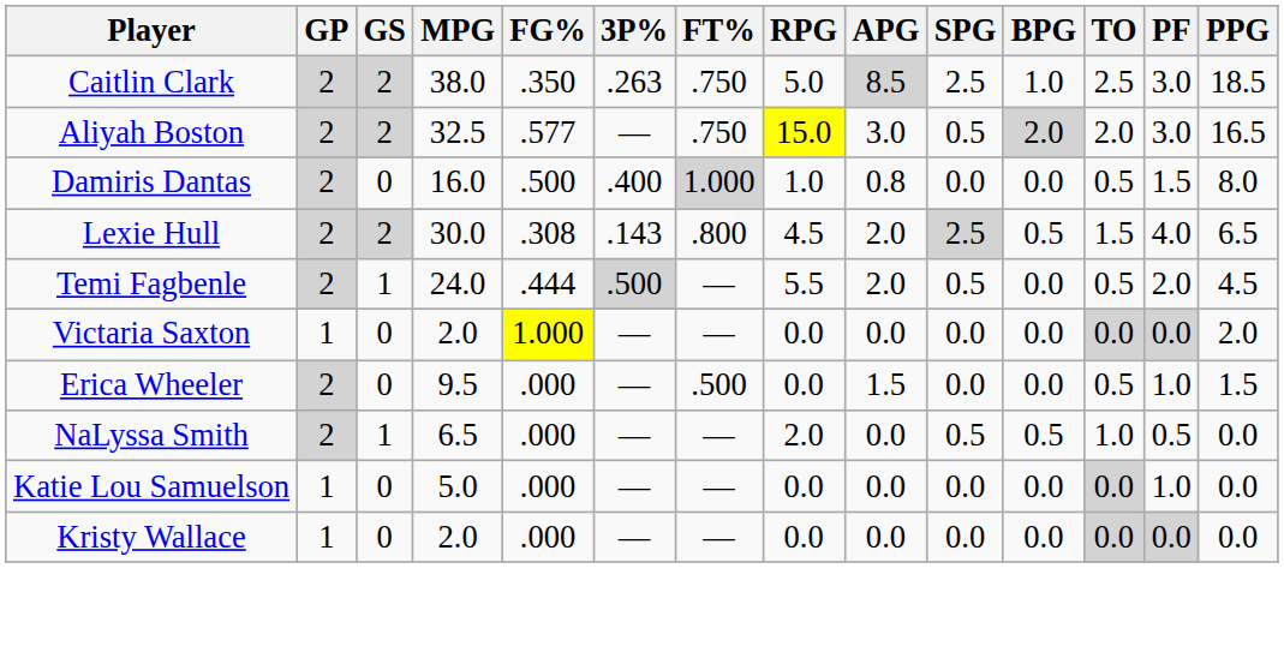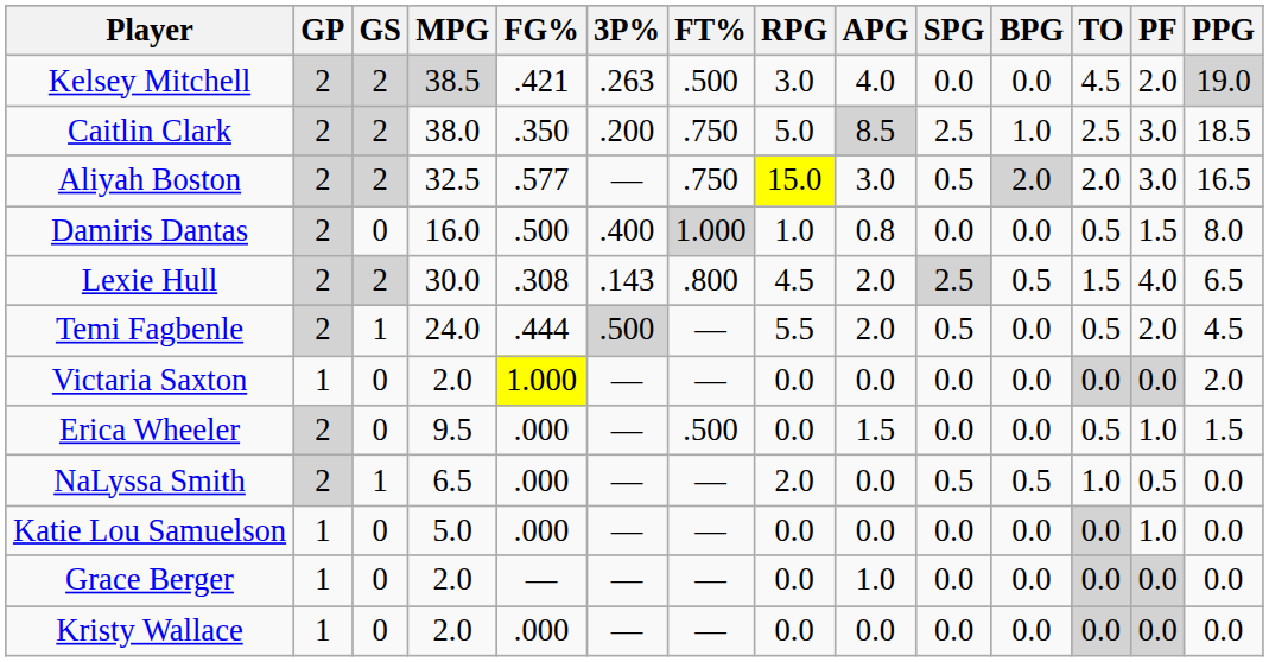 <table class="wikitable sortable" style="text-align:center;">
 <tr>
 <th>Player</th>
 <th>GP</th>
 <th>GS</th>
 <th>MPG</th>
 <th>FG%</th>
 <th>3P%</th>
 <th>FT%</th>
 <th>RPG</th>
 <th>APG</th>
 <th>SPG</th>
 <th>BPG</th>
 <th>TO</th>
 <th>PF</th>
 <th>PPG</th>
 </tr>
 <tr>
+<td><a href='#'>Kelsey Mitchell</a></td>
+<td style="background:#D3D3D3;">2</td>
+<td style="background:#D3D3D3;">2</td>
+<td style="background:#D3D3D3;">38.5</td>
+<td>.421</td>
+<td>.263</td>
+<td>.500</td>
+<td>3.0</td>
+<td>4.0</td>
+<td>0.0</td>
+<td>0.0</td>
+<td>4.5</td>
+<td>2.0</td>
+<td style="background:#D3D3D3;">19.0</td>
+</tr>
+<tr>
 <td><a href='#'>Caitlin Clark</a></td>
 <td style="background:#D3D3D3;">2</td>
 <td style="background:#D3D3D3;">2</td>
 <td>38.0</td>
 <td>.350</td>
-<td>.263</td>
+<td>.200</td>
 <td>.750</td>
 <td>5.0</td>
 <td style="background:#D3D3D3;">8.5</td>
 <td>2.5</td>
 <td>1.0</td>
 <td>2.5</td>
 <td>3.0</td>
 <td>18.5</td>
 </tr>
 <tr>
 <td><a href='#'>Aliyah Boston</a></td>
 <td style="background:#D3D3D3;">2</td>
 <td style="background:#D3D3D3;">2</td>
 <td>32.5</td>
 <td>.577</td>
 <td>—</td>
 <td>.750</td>
 <td style="background:yellow;">15.0</td>
 <td>3.0</td>
 <td>0.5</td>
 <td style="background:#D3D3D3;">2.0</td>
 <td>2.0</td>
 <td>3.0</td>
 <td>16.5</td>
 </tr>
 <tr>
 <td><a href='#'>Damiris Dantas</a></td>
 <td style="background:#D3D3D3;">2</td>
 <td>0</td>
 <td>16.0</td>
 <td>.500</td>
 <td>.400</td>
 <td style="background:#D3D3D3;">1.000</td>
 <td>1.0</td>
 <td>0.8</td>
 <td>0.0</td>
 <td>0.0</td>
 <td>0.5</td>
 <td>1.5</td>
 <td>8.0</td>
 </tr>
 <tr>
 <td><a href='#'>Lexie Hull</a></td>
 <td style="background:#D3D3D3;">2</td>
 <td style="background:#D3D3D3;">2</td>
 <td>30.0</td>
 <td>.308</td>
 <td>.143</td>
 <td>.800</td>
 <td>4.5</td>
 <td>2.0</td>
 <td style="background:#D3D3D3;">2.5</td>
 <td>0.5</td>
 <td>1.5</td>
 <td>4.0</td>
 <td>6.5</td>
 </tr>
 <tr>
 <td><a href='#'>Temi Fagbenle</a></td>
 <td style="background:#D3D3D3;">2</td>
 <td>1</td>
 <td>24.0</td>
 <td>.444</td>
 <td style="background:#D3D3D3;">.500</td>
 <td>—</td>
 <td>5.5</td>
 <td>2.0</td>
 <td>0.5</td>
 <td>0.0</td>
 <td>0.5</td>
 <td>2.0</td>
 <td>4.5</td>
 </tr>
 <tr>
 <td><a href='#'>Victaria Saxton</a></td>
 <td>1</td>
 <td>0</td>
 <td>2.0</td>
 <td style="background:yellow;">1.000</td>
 <td>—</td>
 <td>—</td>
 <td>0.0</td>
 <td>0.0</td>
 <td>0.0</td>
 <td>0.0</td>
 <td style="background:#D3D3D3;">0.0</td>
 <td style="background:#D3D3D3;">0.0</td>
 <td>2.0</td>
 </tr>
 <tr>
 <td><a href='#'>Erica Wheeler</a></td>
 <td style="background:#D3D3D3;">2</td>
 <td>0</td>
 <td>9.5</td>
 <td>.000</td>
 <td>—</td>
 <td>.500</td>
 <td>0.0</td>
 <td>1.5</td>
 <td>0.0</td>
 <td>0.0</td>
 <td>0.5</td>
 <td>1.0</td>
 <td>1.5</td>
 </tr>
 <tr>
 <td><a href='#'>NaLyssa Smith</a></td>
 <td style="background:#D3D3D3;">2</td>
 <td>1</td>
 <td>6.5</td>
 <td>.000</td>
 <td>—</td>
 <td>—</td>
 <td>2.0</td>
 <td>0.0</td>
 <td>0.5</td>
 <td>0.5</td>
 <td>1.0</td>
 <td>0.5</td>
 <td>0.0</td>
 </tr>
 <tr>
 <td><a href='#'>Katie Lou Samuelson</a></td>
 <td>1</td>
 <td>0</td>
 <td>5.0</td>
 <td>.000</td>
 <td>—</td>
 <td>—</td>
 <td>0.0</td>
 <td>0.0</td>
 <td>0.0</td>
 <td>0.0</td>
 <td style="background:#D3D3D3;">0.0</td>
 <td>1.0</td>
 <td>0.0</td>
 </tr>
 <tr>
+<td><a href='#'>Grace Berger</a></td>
+<td>1</td>
+<td>0</td>
+<td>2.0</td>
+<td>—</td>
+<td>—</td>
+<td>—</td>
+<td>0.0</td>
+<td>1.0</td>
+<td>0.0</td>
+<td>0.0</td>
+<td style="background:#D3D3D3;">0.0</td>
+<td style="background:#D3D3D3;">0.0</td>
+<td>0.0</td>
+</tr>
+<tr>
 <td><a href='#'>Kristy Wallace</a></td>
 <td>1</td>
 <td>0</td>
 <td>2.0</td>
 <td>.000</td>
 <td>—</td>
 <td>—</td>
 <td>0.0</td>
 <td>0.0</td>
 <td>0.0</td>
 <td>0.0</td>
 <td style="background:#D3D3D3;">0.0</td>
 <td style="background:#D3D3D3;">0.0</td>
 <td>0.0</td>
 </tr>
 </table>
